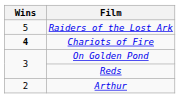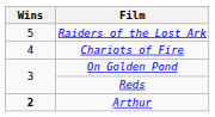 <table class="wikitable plainrowheaders" style="text-align: center; float:left; margin-right:1em;">
 <tr>
 <th scope="col" style="width:55px;">Wins</th>
 <th scope="col" style="text-align:center;">Film</th>
 </tr>
 <tr>
 <td scope="row" style="text-align:center">5</td>
 <td><em><a href='#'>Raiders of the Lost Ark</a></em></td>
 </tr>
 <tr>
-<td scope="row" style="text-align:center"><strong>4</strong></td>
+<td scope="row" style="text-align:center">4</td>
 <td><em><a href='#'>Chariots of Fire</a></em></td>
 </tr>
 <tr>
 <td scope="row" rowspan="2" style="text-align:center;">3</td>
 <td><em><a href='#'>On Golden Pond</a></em></td>
 </tr>
 <tr>
 <td><em><a href='#'>Reds</a></em></td>
 </tr>
 <tr>
-<td scope="row" style="text-align:center">2</td>
+<td scope="row" style="text-align:center"><strong>2</strong></td>
 <td><em><a href='#'>Arthur</a></em></td>
 </tr>
 </table>
